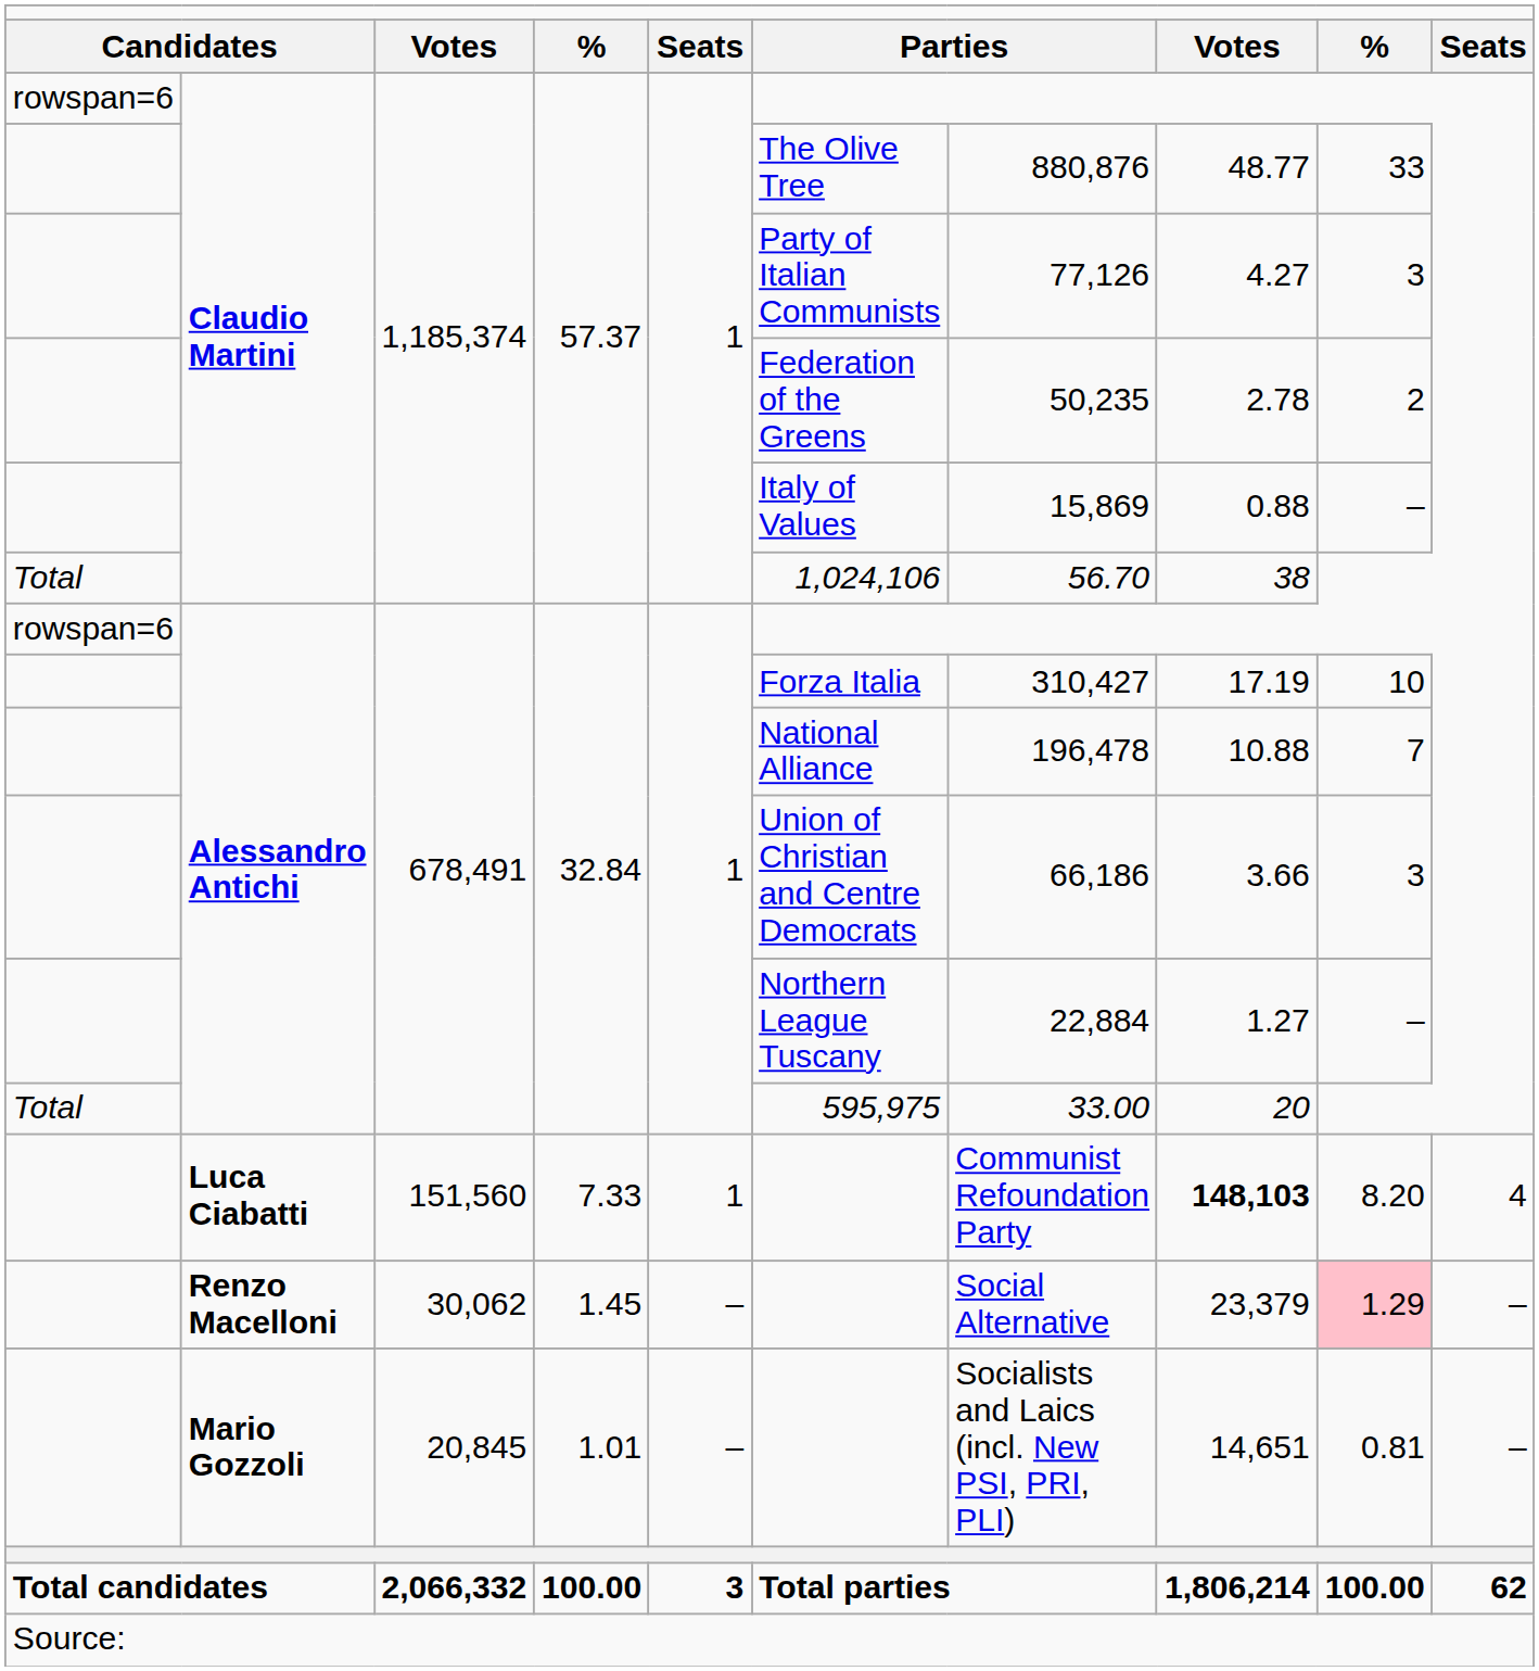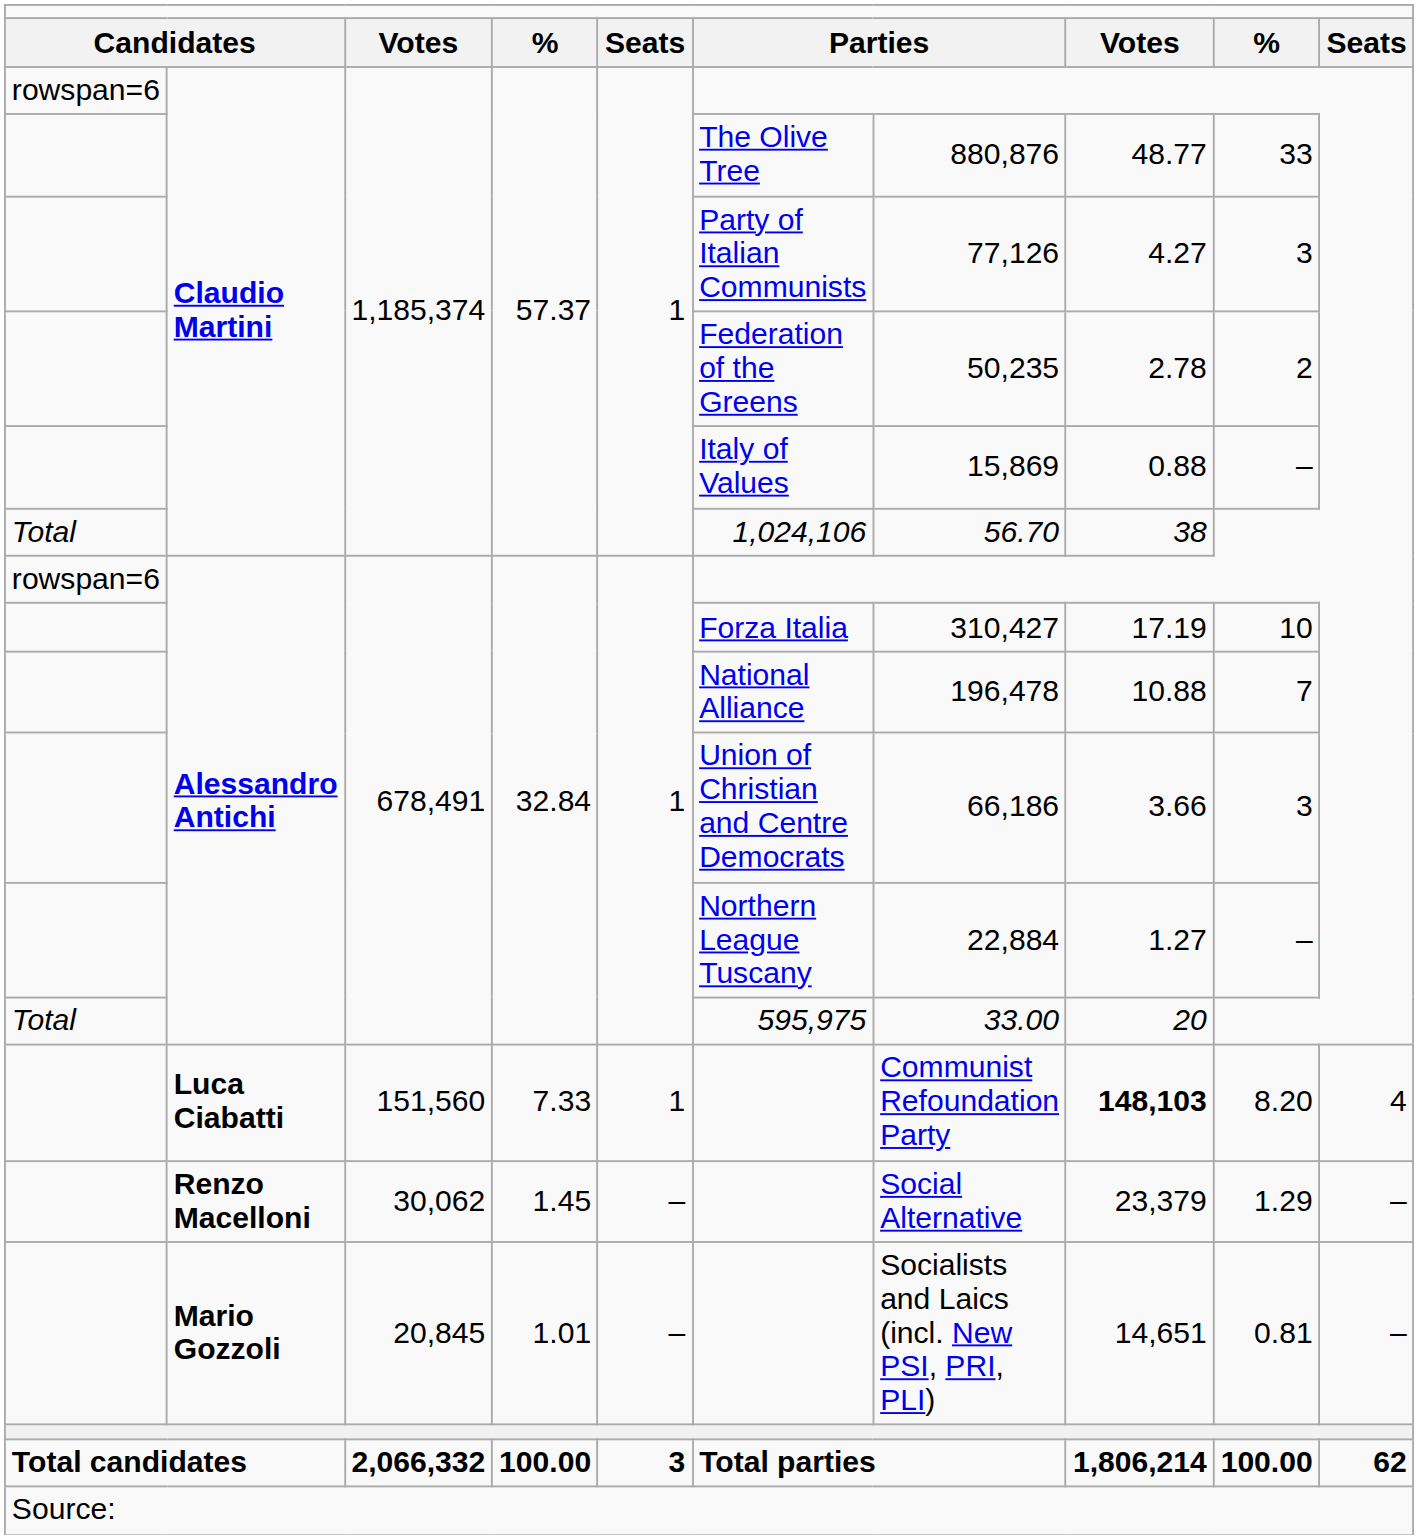 <table class="wikitable">
 <tr>
 <td colspan=10></td>
 </tr>
 <tr>
 <th colspan=2>Candidates</th>
 <th>Votes</th>
 <th>%</th>
 <th>Seats</th>
 <th colspan=2>Parties</th>
 <th>Votes</th>
 <th>%</th>
 <th>Seats</th>
 </tr>
 <tr>
 <td>rowspan=6 </td>
 <td rowspan=6><strong><a href='#'>Claudio Martini</a></strong></td>
 <td rowspan=6 align=right>1,185,374</td>
 <td rowspan=6 align=right>57.37</td>
 <td rowspan=6 align=right>1</td>
 </tr>
 <tr>
 <td></td>
 <td align="left"><a href='#'>The Olive Tree</a></td>
 <td align=right>880,876</td>
 <td align=right>48.77</td>
 <td align=right>33</td>
 </tr>
 <tr>
 <td></td>
 <td align="left"><a href='#'>Party of Italian Communists</a></td>
 <td align=right>77,126</td>
 <td align=right>4.27</td>
 <td align=right>3</td>
 </tr>
 <tr>
 <td></td>
 <td align="left"><a href='#'>Federation of the Greens</a></td>
 <td align=right>50,235</td>
 <td align=right>2.78</td>
 <td align=right>2</td>
 </tr>
 <tr>
 <td></td>
 <td align="left"><a href='#'>Italy of Values</a></td>
 <td align=right>15,869</td>
 <td align=right>0.88</td>
 <td align=right>–</td>
 </tr>
 <tr>
 <td colspan=2><em>Total</em></td>
 <td align=right><em>1,024,106</em></td>
 <td align=right><em>56.70</em></td>
 <td align=right><em>38</em></td>
 </tr>
 <tr>
 <td>rowspan=6 </td>
 <td rowspan=6><strong><a href='#'>Alessandro Antichi</a></strong></td>
 <td rowspan=6 align=right>678,491</td>
 <td rowspan=6 align=right>32.84</td>
 <td rowspan=6 align=right>1</td>
 </tr>
 <tr>
 <td></td>
 <td align="left"><a href='#'>Forza Italia</a></td>
 <td align=right>310,427</td>
 <td align=right>17.19</td>
 <td align=right>10</td>
 </tr>
 <tr>
 <td></td>
 <td align="left"><a href='#'>National Alliance</a></td>
 <td align=right>196,478</td>
 <td align=right>10.88</td>
 <td align=right>7</td>
 </tr>
 <tr>
 <td></td>
 <td align="left"><a href='#'>Union of Christian and Centre Democrats</a></td>
 <td align=right>66,186</td>
 <td align=right>3.66</td>
 <td align=right>3</td>
 </tr>
 <tr>
 <td></td>
 <td align="left"><a href='#'>Northern League Tuscany</a></td>
 <td align=right>22,884</td>
 <td align=right>1.27</td>
 <td align=right>–</td>
 </tr>
 <tr>
 <td colspan=2><em>Total</em></td>
 <td align=right><em>595,975</em></td>
 <td align=right><em>33.00</em></td>
 <td align=right><em>20</em></td>
 </tr>
 <tr>
 <td></td>
 <td><strong>Luca Ciabatti</strong></td>
 <td align=right>151,560</td>
 <td align=right>7.33</td>
 <td align=right>1</td>
 <td></td>
 <td align="left"><a href='#'>Communist Refoundation Party</a></td>
 <td align=right><strong>148,103</strong></td>
 <td align=right>8.20</td>
 <td align=right>4</td>
 </tr>
 <tr>
 <td></td>
 <td><strong>Renzo Macelloni</strong></td>
 <td align=right>30,062</td>
 <td align=right>1.45</td>
 <td align=right>–</td>
 <td></td>
 <td align="left"><a href='#'>Social Alternative</a></td>
 <td align=right>23,379</td>
-<td align=right style="background: pink;">1.29</td>
+<td align=right>1.29</td>
 <td align=right>–</td>
 </tr>
 <tr>
 <td></td>
 <td><strong>Mario Gozzoli</strong></td>
 <td align=right>20,845</td>
 <td align=right>1.01</td>
 <td align=right>–</td>
 <td></td>
 <td align="left">Socialists and Laics (incl. <a href='#'>New PSI</a>, <a href='#'>PRI</a>, <a href='#'>PLI</a>)</td>
 <td align=right>14,651</td>
 <td align=right>0.81</td>
 <td align=right>–</td>
 </tr>
 <tr>
 <th colspan=10></th>
 </tr>
 <tr>
 <td colspan=2><strong>Total candidates</strong></td>
 <td align=right><strong>2,066,332</strong></td>
 <td align=right><strong>100.00</strong></td>
 <td align=right><strong>3</strong></td>
 <td colspan=2><strong>Total parties</strong></td>
 <td align=right><strong>1,806,214</strong></td>
 <td align=right><strong>100.00</strong></td>
 <td align=right><strong>62</strong></td>
 </tr>
 <tr>
 <td colspan=10>Source: </td>
 </tr>
 </table>
